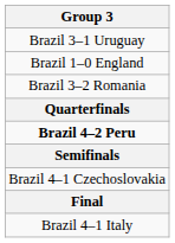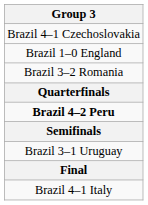 <table class="wikitable">
 <tr>
 <th>Group 3</th>
 </tr>
 <tr>
-<td align=center>Brazil 3–1 Uruguay</td>
+<td align=center>Brazil 4–1 Czechoslovakia</td>
 </tr>
 <tr>
 <td align=center>Brazil 1–0 England</td>
 </tr>
 <tr>
 <td align=center>Brazil 3–2 Romania</td>
 </tr>
 <tr>
 <th>Quarterfinals</th>
 </tr>
 <tr>
 <td align=center><strong>Brazil 4–2 Peru</strong></td>
 </tr>
 <tr>
 <th>Semifinals</th>
 </tr>
 <tr>
-<td align=center>Brazil 4–1 Czechoslovakia</td>
+<td align=center>Brazil 3–1 Uruguay</td>
 </tr>
 <tr>
 <th>Final</th>
 </tr>
 <tr>
 <td align=center>Brazil 4–1 Italy</td>
 </tr>
 </table>
